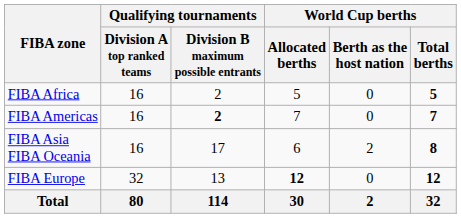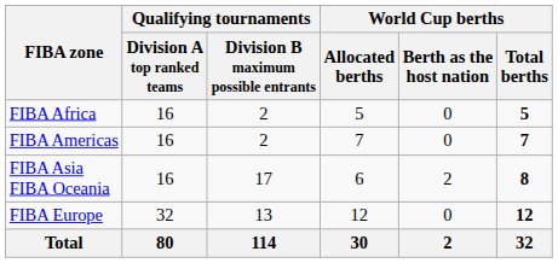 <table class=wikitable style="text-align:center;">
 <tr>
 <th rowspan=2>FIBA zone</th>
 <th colspan=2>Qualifying tournaments</th>
 <th colspan=3>World Cup berths</th>
 </tr>
 <tr>
 <th>Division A<br><small>top ranked<br>teams</small></th>
 <th>Division B<br><small>maximum <br>possible entrants</small></th>
 <th>Allocated<br>berths</th>
 <th>Berth as the<br>host nation</th>
 <th>Total<br>berths</th>
 </tr>
 <tr>
 <td align=left><a href='#'>FIBA Africa</a></td>
 <td>16</td>
 <td>2</td>
 <td>5</td>
 <td>0</td>
 <td><strong>5</strong></td>
 </tr>
 <tr>
 <td align=left><a href='#'>FIBA Americas</a></td>
 <td>16</td>
-<td><strong>2</strong></td>
+<td>2</td>
 <td>7</td>
 <td>0</td>
 <td><strong>7</strong></td>
 </tr>
 <tr>
 <td align=left><a href='#'>FIBA Asia</a><br><a href='#'>FIBA Oceania</a></td>
 <td>16</td>
 <td>17</td>
 <td>6</td>
 <td>2</td>
 <td><strong>8</strong></td>
 </tr>
 <tr>
 <td align=left><a href='#'>FIBA Europe</a></td>
 <td>32</td>
 <td>13</td>
-<td><strong>12</strong></td>
+<td>12</td>
 <td>0</td>
 <td><strong>12</strong></td>
 </tr>
 <tr>
 <th>Total</th>
 <th>80</th>
 <th>114</th>
 <th>30</th>
 <th>2</th>
 <th>32</th>
 </tr>
 </table>
